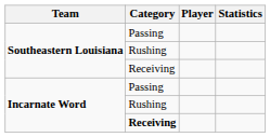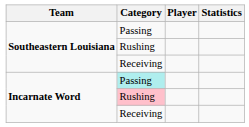 <table class="wikitable" style="float: right;">
 <tr>
 <th>Team</th>
 <th>Category</th>
 <th>Player</th>
 <th>Statistics</th>
 </tr>
 <tr>
 <td rowspan=3><strong>Southeastern Louisiana</strong></td>
 <td>Passing</td>
 <td></td>
 <td></td>
 </tr>
 <tr>
 <td>Rushing</td>
 <td></td>
 <td></td>
 </tr>
 <tr>
 <td>Receiving</td>
 <td></td>
 <td></td>
 </tr>
 <tr>
 <td rowspan=3><strong>Incarnate Word</strong></td>
-<td>Passing</td>
+<td style="background: paleturquoise;">Passing</td>
 <td></td>
 <td></td>
 </tr>
 <tr>
-<td>Rushing</td>
+<td style="background: pink;">Rushing</td>
 <td></td>
 <td></td>
 </tr>
 <tr>
-<td><strong>Receiving</strong></td>
+<td>Receiving</td>
 <td></td>
 <td></td>
 </tr>
 </table>
